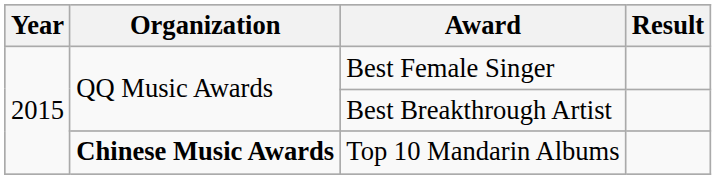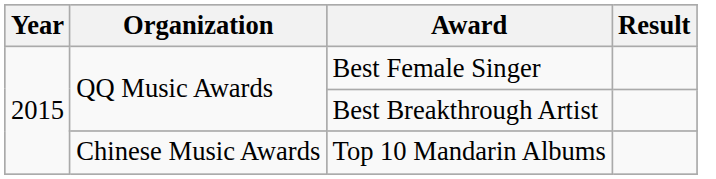 <table class="wikitable">
 <tr>
 <th>Year</th>
 <th>Organization</th>
 <th>Award</th>
 <th>Result</th>
 </tr>
 <tr>
 <td rowspan="3">2015</td>
 <td rowspan="2">QQ Music Awards</td>
 <td>Best Female Singer</td>
 <td></td>
 </tr>
 <tr>
 <td>Best Breakthrough Artist</td>
 <td></td>
 </tr>
 <tr>
-<td><strong>Chinese Music Awards</strong></td>
+<td>Chinese Music Awards</td>
 <td>Top 10 Mandarin Albums</td>
 <td></td>
 </tr>
 </table>
